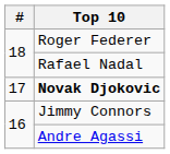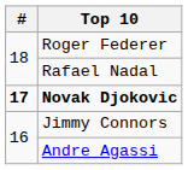 <table class="wikitable" style="display:inline-table;">
 <tr>
 <th width=20>#</th>
 <th>Top 10</th>
 </tr>
 <tr>
 <td rowspan="2">18</td>
 <td> Roger Federer</td>
 </tr>
 <tr>
 <td> Rafael Nadal</td>
 </tr>
 <tr>
-<td>17</td>
+<td><strong>17</strong></td>
 <td> <strong>Novak Djokovic</strong></td>
 </tr>
 <tr>
 <td rowspan="2">16</td>
 <td> Jimmy Connors</td>
 </tr>
 <tr>
 <td> <a href='#'>Andre Agassi</a></td>
 </tr>
 </table>
